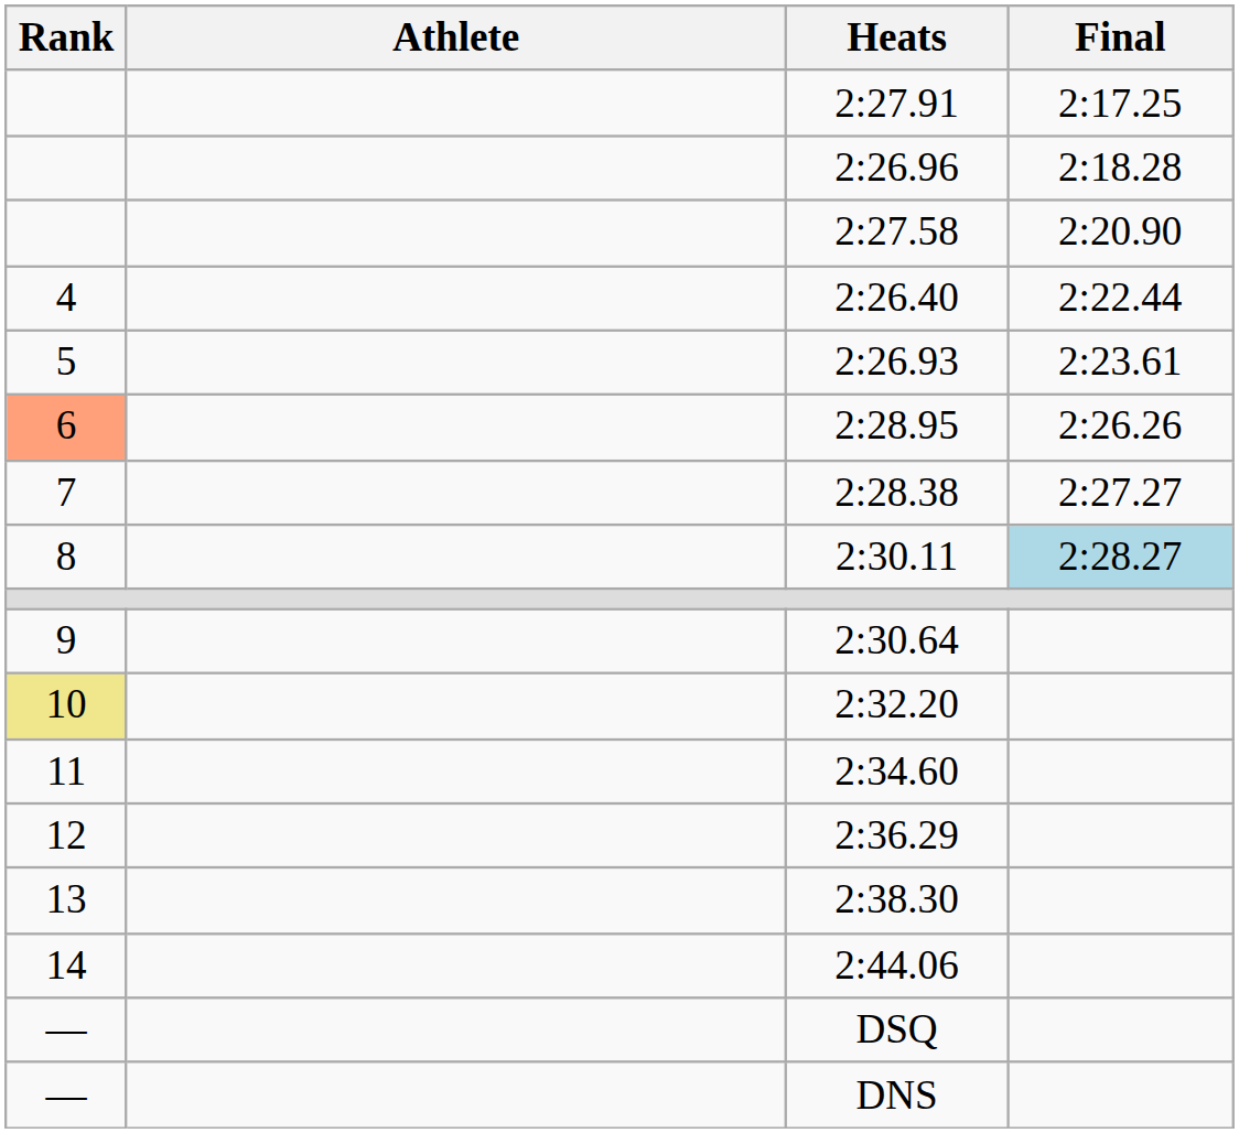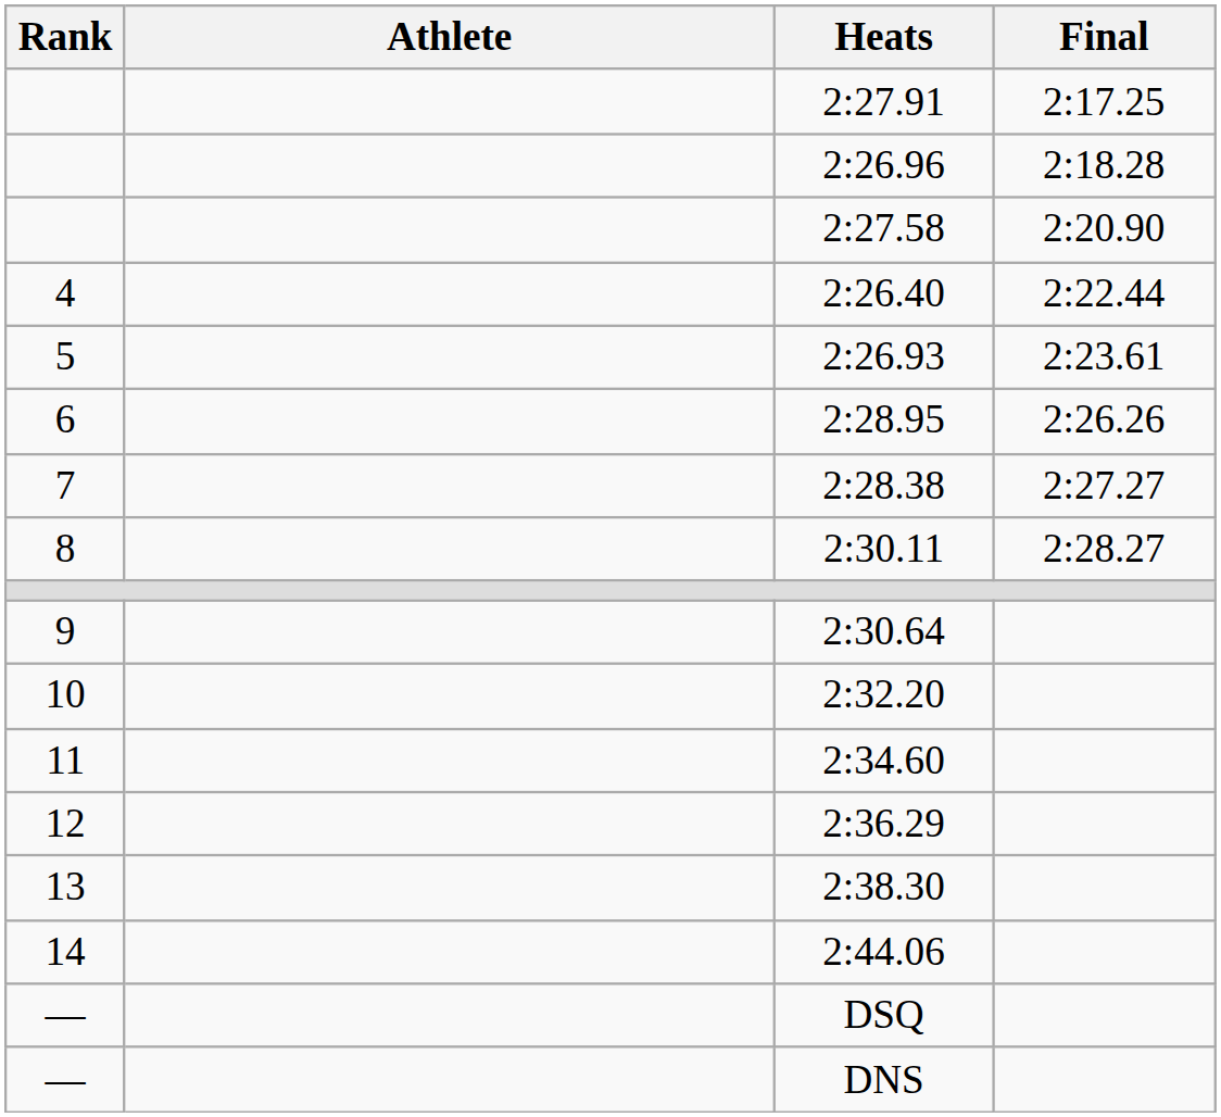 <table class=wikitable style="text-align:center">
 <tr>
 <th width=40>Rank</th>
 <th width=250>Athlete</th>
 <th width=80>Heats</th>
 <th width=80>Final</th>
 </tr>
 <tr>
 <td></td>
 <td align=left></td>
 <td>2:27.91</td>
 <td>2:17.25</td>
 </tr>
 <tr>
 <td></td>
 <td align=left></td>
 <td>2:26.96</td>
 <td>2:18.28</td>
 </tr>
 <tr>
 <td></td>
 <td align=left></td>
 <td>2:27.58</td>
 <td>2:20.90</td>
 </tr>
 <tr>
 <td>4</td>
 <td align=left></td>
 <td>2:26.40</td>
 <td>2:22.44</td>
 </tr>
 <tr>
 <td>5</td>
 <td align=left></td>
 <td>2:26.93</td>
 <td>2:23.61</td>
 </tr>
 <tr>
-<td style="background: lightsalmon;">6</td>
+<td>6</td>
 <td align=left></td>
 <td>2:28.95</td>
 <td>2:26.26</td>
 </tr>
 <tr>
 <td>7</td>
 <td align=left></td>
 <td>2:28.38</td>
 <td>2:27.27</td>
 </tr>
 <tr>
 <td>8</td>
 <td align=left></td>
 <td>2:30.11</td>
-<td style="background: lightblue;">2:28.27</td>
+<td>2:28.27</td>
 </tr>
 <tr bgcolor=#DDDDDD>
 <td colspan=4></td>
 </tr>
 <tr>
 <td>9</td>
 <td align=left></td>
 <td>2:30.64</td>
 <td></td>
 </tr>
 <tr>
-<td style="background: khaki;">10</td>
+<td>10</td>
 <td align=left></td>
 <td>2:32.20</td>
 <td></td>
 </tr>
 <tr>
 <td>11</td>
 <td align=left></td>
 <td>2:34.60</td>
 <td></td>
 </tr>
 <tr>
 <td>12</td>
 <td align=left></td>
 <td>2:36.29</td>
 <td></td>
 </tr>
 <tr>
 <td>13</td>
 <td align=left></td>
 <td>2:38.30</td>
 <td></td>
 </tr>
 <tr>
 <td>14</td>
 <td align=left></td>
 <td>2:44.06</td>
 <td></td>
 </tr>
 <tr>
 <td>—</td>
 <td align=left></td>
 <td>DSQ</td>
 <td></td>
 </tr>
 <tr>
 <td>—</td>
 <td align=left></td>
 <td>DNS</td>
 <td></td>
 </tr>
 </table>
